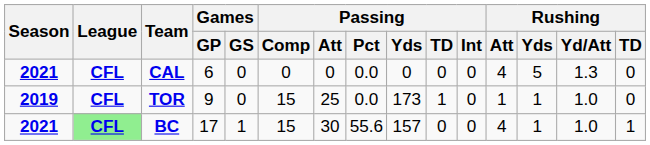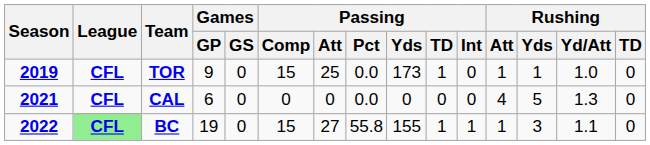 <table class="wikitable" style="text-align: center;">
 <tr>
 <th rowspan="2">Season</th>
 <th rowspan="2">League</th>
 <th rowspan="2">Team</th>
 <th colspan="2">Games</th>
 <th colspan="6">Passing</th>
 <th colspan="4">Rushing</th>
 </tr>
 <tr>
 <th>GP</th>
 <th>GS</th>
 <th>Comp</th>
 <th>Att</th>
 <th>Pct</th>
 <th>Yds</th>
 <th>TD</th>
 <th>Int</th>
 <th>Att</th>
 <th>Yds</th>
 <th>Yd/Att</th>
 <th>TD</th>
 </tr>
 <tr>
-<td><a href='#'><strong>2021</strong></a></td>
-<td><strong><a href='#'>CFL</a></strong></td>
-<td><a href='#'><strong>CAL</strong></a></td>
-<td>6</td>
-<td>0</td>
-<td>0</td>
-<td>0</td>
-<td>0.0</td>
-<td>0</td>
-<td>0</td>
-<td>0</td>
-<td>4</td>
-<td>5</td>
-<td>1.3</td>
-<td>0</td>
-</tr>
-<tr>
 <td><a href='#'><strong>2019</strong></a></td>
 <td><strong><a href='#'>CFL</a></strong></td>
 <td><a href='#'><strong>TOR</strong></a></td>
 <td>9</td>
 <td>0</td>
 <td>15</td>
 <td>25</td>
 <td>0.0</td>
 <td>173</td>
 <td>1</td>
 <td>0</td>
 <td>1</td>
 <td>1</td>
 <td>1.0</td>
 <td>0</td>
 </tr>
 <tr>
 <td><a href='#'><strong>2021</strong></a></td>
-<td style="background: lightgreen;"><strong><a href='#'>CFL</a></strong></td>
-<td><a href='#'><strong>BC</strong></a></td>
-<td>17</td>
-<td>1</td>
-<td>15</td>
-<td>30</td>
-<td>55.6</td>
-<td>157</td>
+<td><strong><a href='#'>CFL</a></strong></td>
+<td><a href='#'><strong>CAL</strong></a></td>
+<td>6</td>
+<td>0</td>
+<td>0</td>
+<td>0</td>
+<td>0.0</td>
+<td>0</td>
 <td>0</td>
 <td>0</td>
 <td>4</td>
+<td>5</td>
+<td>1.3</td>
+<td>0</td>
+</tr>
+<tr>
+<td><a href='#'><strong>2022</strong></a></td>
+<td style="background: lightgreen;"><strong><a href='#'>CFL</a></strong></td>
+<td><a href='#'><strong>BC</strong></a></td>
+<td>19</td>
+<td>0</td>
+<td>15</td>
+<td>27</td>
+<td>55.8</td>
+<td>155</td>
 <td>1</td>
-<td>1.0</td>
 <td>1</td>
+<td>1</td>
+<td>3</td>
+<td>1.1</td>
+<td>0</td>
 </tr>
 </table>
